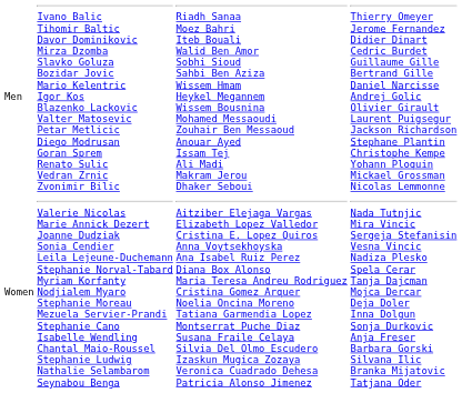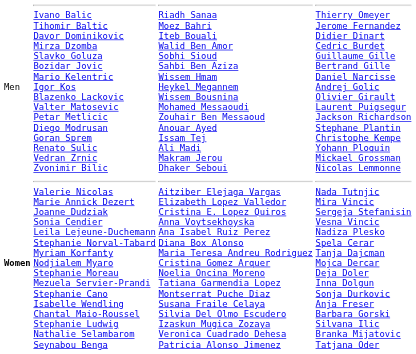 <table>
 <tr>
 <td>Men</td>
 <td><hr><a href='#'>Ivano Balic</a><br><a href='#'>Tihomir Baltic</a><br><a href='#'>Davor Dominikovic</a><br><a href='#'>Mirza Dzomba</a><br><a href='#'>Slavko Goluza</a><br><a href='#'>Bozidar Jovic</a><br><a href='#'>Mario Kelentric</a><br><a href='#'>Igor Kos</a><br><a href='#'>Blazenko Lackovic</a><br><a href='#'>Valter Matosevic</a><br><a href='#'>Petar Metlicic</a><br><a href='#'>Diego Modrusan</a><br><a href='#'>Goran Sprem</a><br><a href='#'>Renato Sulic</a><br><a href='#'>Vedran Zrnic</a><br><a href='#'>Zvonimir Bilic</a></td>
 <td><hr><a href='#'>Riadh Sanaa</a><br><a href='#'>Moez Bahri</a><br><a href='#'>Iteb Bouali</a><br><a href='#'>Walid Ben Amor</a><br><a href='#'>Sobhi Sioud</a><br><a href='#'>Sahbi Ben Aziza</a><br><a href='#'>Wissem Hmam</a><br><a href='#'>Heykel Megannem</a><br><a href='#'>Wissem Bousnina</a><br><a href='#'>Mohamed Messaoudi</a><br><a href='#'>Zouhair Ben Messaoud</a><br><a href='#'>Anouar Ayed</a><br><a href='#'>Issam Tej</a><br><a href='#'>Ali Madi</a><br><a href='#'>Makram Jerou</a><br><a href='#'>Dhaker Seboui</a></td>
 <td><hr><a href='#'>Thierry Omeyer</a><br><a href='#'>Jerome Fernandez</a><br><a href='#'>Didier Dinart</a><br><a href='#'>Cedric Burdet</a><br><a href='#'>Guillaume Gille</a><br><a href='#'>Bertrand Gille</a><br><a href='#'>Daniel Narcisse</a><br><a href='#'>Andrej Golic</a><br><a href='#'>Olivier Girault</a><br><a href='#'>Laurent Puigsegur</a><br><a href='#'>Jackson Richardson</a><br><a href='#'>Stephane Plantin</a><br><a href='#'>Christophe Kempe</a><br><a href='#'>Yohann Ploquin</a><br><a href='#'>Mickael Grossman</a><br><a href='#'>Nicolas Lemmonne</a></td>
 </tr>
 <tr>
-<td>Women</td>
+<td><strong>Women</strong></td>
 <td><hr><a href='#'>Valerie Nicolas</a><br><a href='#'>Marie Annick Dezert</a><br><a href='#'>Joanne Dudziak</a><br><a href='#'>Sonia Cendier</a><br><a href='#'>Leila Lejeune-Duchemann</a><br><a href='#'>Stephanie Norval-Tabard</a><br><a href='#'>Myriam Korfanty</a><br><a href='#'>Nodjialem Myaro</a><br><a href='#'>Stephanie Moreau</a><br><a href='#'>Mezuela Servier-Prandi</a><br><a href='#'>Stephanie Cano</a><br><a href='#'>Isabelle Wendling</a><br><a href='#'>Chantal Maio-Roussel</a><br><a href='#'>Stephanie Ludwig</a><br><a href='#'>Nathalie Selambarom</a><br><a href='#'>Seynabou Benga</a></td>
 <td><hr><a href='#'>Aitziber Elejaga Vargas</a><br><a href='#'>Elizabeth Lopez Valledor</a><br><a href='#'>Cristina E. Lopez Quiros</a><br><a href='#'>Anna Voytsekhoyska</a><br><a href='#'>Ana Isabel Ruiz Perez</a><br><a href='#'>Diana Box Alonso</a><br><a href='#'>Maria Teresa Andreu Rodriguez</a><br><a href='#'>Cristina Gomez Arquer</a><br><a href='#'>Noelia Oncina Moreno</a><br><a href='#'>Tatiana Garmendia Lopez</a><br><a href='#'>Montserrat Puche Diaz</a><br><a href='#'>Susana Fraile Celaya</a><br><a href='#'>Silvia Del Olmo Escudero</a><br><a href='#'>Izaskun Mugica Zozaya</a><br><a href='#'>Veronica Cuadrado Dehesa</a><br><a href='#'>Patricia Alonso Jimenez</a></td>
 <td><hr><a href='#'>Nada Tutnjic</a><br><a href='#'>Mira Vincic</a><br><a href='#'>Sergeja Stefanisin</a><br><a href='#'>Vesna Vincic</a><br><a href='#'>Nadiza Plesko</a><br><a href='#'>Spela Cerar</a><br><a href='#'>Tanja Dajcman</a><br><a href='#'>Mojca Dercar</a><br><a href='#'>Deja Doler</a><br><a href='#'>Inna Dolgun</a><br><a href='#'>Sonja Durkovic</a><br><a href='#'>Anja Freser</a><br><a href='#'>Barbara Gorski</a><br><a href='#'>Silvana Ilic</a><br><a href='#'>Branka Mijatovic</a><br><a href='#'>Tatjana Oder</a></td>
 </tr>
 </table>
